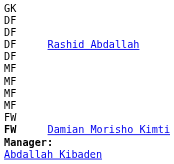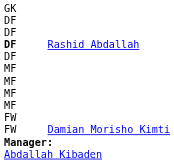 <table style="font-size:90%; margin:0.2em auto;" cellspacing="0" cellpadding="0">
 <tr>
 <th width="25"></th>
 <th width="25"></th>
 </tr>
 <tr>
 <td>GK</td>
 <td></td>
 <td></td>
 </tr>
 <tr>
 <td>DF</td>
 <td></td>
 <td></td>
 </tr>
 <tr>
 <td>DF</td>
 <td></td>
 <td></td>
 </tr>
 <tr>
-<td>DF</td>
+<td><strong>DF</strong></td>
 <td></td>
 <td> <a href='#'>Rashid Abdallah</a></td>
 </tr>
 <tr>
 <td>DF</td>
 <td></td>
 <td></td>
 </tr>
 <tr>
 <td>MF</td>
 <td></td>
 <td></td>
 </tr>
 <tr>
 <td>MF</td>
 <td></td>
 <td></td>
 </tr>
 <tr>
 <td>MF</td>
 <td></td>
 <td></td>
 </tr>
 <tr>
 <td>MF</td>
 <td></td>
 <td></td>
 </tr>
 <tr>
 <td>FW</td>
 <td></td>
 <td></td>
 </tr>
 <tr>
-<td><strong>FW</strong></td>
+<td>FW</td>
 <td></td>
 <td> <a href='#'>Damian Morisho Kimti</a></td>
 </tr>
 <tr>
 <td colspan=3><strong>Manager:</strong></td>
 </tr>
 <tr>
 <td colspan=4> <a href='#'>Abdallah Kibaden</a></td>
 </tr>
 </table>
